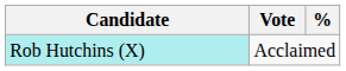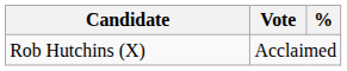 <table class="wikitable">
 <tr>
 <th bgcolor="#DDDDFF" width="200px">Candidate</th>
 <th bgcolor="#DDDDFF">Vote</th>
 <th bgcolor="#DDDDFF">%</th>
 </tr>
 <tr>
-<td style="background: paleturquoise;">Rob Hutchins (X)</td>
+<td>Rob Hutchins (X)</td>
 <td colspan="2">Acclaimed</td>
 </tr>
 </table>
